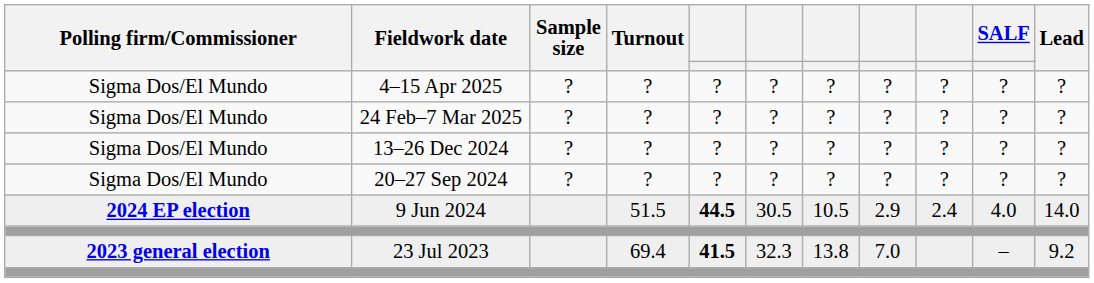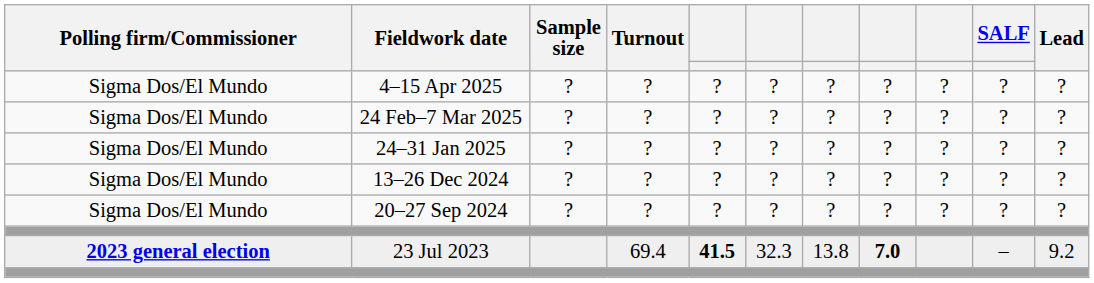 <table class="wikitable collapsible collapsed" style="text-align:center; font-size:95%; line-height:16px;">
 <tr style="height:42px;">
 <th style="width:250px;" rowspan="2">Polling firm/Commissioner</th>
 <th style="width:125px;" rowspan="2">Fieldwork date</th>
 <th style="width:50px;" rowspan="2">Sample size</th>
 <th style="width:45px;" rowspan="2">Turnout</th>
 <th style="width:35px;"></th>
 <th style="width:35px;"></th>
 <th style="width:35px;"></th>
 <th style="width:35px;"></th>
 <th style="width:35px;"></th>
 <th style="width:35px;"><a href='#'>SALF</a></th>
 <th style="width:30px;" rowspan="2">Lead</th>
 </tr>
 <tr>
 <th style="color:inherit;background:"></th>
 <th style="color:inherit;background:"></th>
 <th style="color:inherit;background:"></th>
 <th style="color:inherit;background:"></th>
 <th style="color:inherit;background:"></th>
 <th style="color:inherit;background:"></th>
 </tr>
 <tr>
 <td>Sigma Dos/El Mundo</td>
 <td>4–15 Apr 2025</td>
 <td>?</td>
 <td>?</td>
 <td>?<br></td>
 <td>?<br></td>
 <td>?<br></td>
 <td>?<br></td>
 <td>?<br></td>
 <td>?<br></td>
 <td style="background:">?</td>
 </tr>
 <tr>
 <td>Sigma Dos/El Mundo</td>
 <td>24 Feb–7 Mar 2025</td>
 <td>?</td>
 <td>?</td>
 <td>?<br></td>
 <td>?<br></td>
 <td>?<br></td>
 <td>?<br></td>
 <td>?<br></td>
 <td>?<br></td>
 <td style="background:">?</td>
 </tr>
 <tr>
 <td>Sigma Dos/El Mundo</td>
+<td>24–31 Jan 2025</td>
+<td>?</td>
+<td>?</td>
+<td>?<br></td>
+<td>?<br></td>
+<td>?<br></td>
+<td>?<br></td>
+<td>?<br></td>
+<td>?<br></td>
+<td style="background:">?</td>
+</tr>
+<tr>
+<td>Sigma Dos/El Mundo</td>
 <td>13–26 Dec 2024</td>
 <td>?</td>
 <td>?</td>
 <td>?<br></td>
 <td>?<br></td>
 <td>?<br></td>
 <td>?<br></td>
 <td>?<br></td>
 <td>?<br></td>
 <td style="background:">?</td>
 </tr>
 <tr>
 <td>Sigma Dos/El Mundo</td>
 <td>20–27 Sep 2024</td>
 <td>?</td>
 <td>?</td>
 <td>?<br></td>
 <td>?<br></td>
 <td>?<br></td>
 <td>?<br></td>
 <td>?<br></td>
 <td>?<br></td>
 <td style="background:">?</td>
 </tr>
-<tr style="background:#EFEFEF;">
-<td><strong><a href='#'>2024 EP election</a></strong></td>
-<td>9 Jun 2024</td>
-<td></td>
-<td>51.5</td>
-<td><strong>44.5</strong><br></td>
-<td>30.5<br></td>
-<td>10.5<br></td>
-<td>2.9<br></td>
-<td>2.4<br></td>
-<td>4.0<br></td>
-<td style="background:">14.0</td>
-</tr>
 <tr>
 <td colspan="11" style="background:#A0A0A0"></td>
 </tr>
 <tr style="background:#EFEFEF;">
 <td><strong><a href='#'>2023 general election</a></strong></td>
 <td>23 Jul 2023</td>
 <td></td>
 <td>69.4</td>
 <td><strong>41.5</strong><br></td>
 <td>32.3<br></td>
 <td>13.8<br></td>
-<td>7.0<br></td>
+<td><strong>7.0<br></strong></td>
 <td></td>
 <td>–</td>
 <td style="background:">9.2</td>
 </tr>
 <tr>
 <td colspan="11" style="background:#A0A0A0"></td>
 </tr>
 </table>
